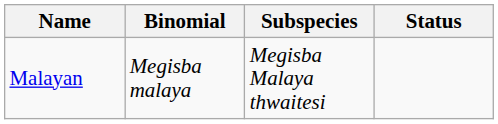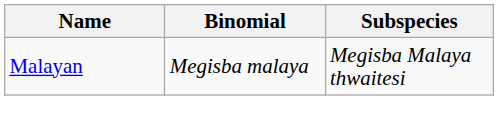 <table width=60% class="wikitable">
 <tr>
 <th width=20%>Name</th>
 <th width=20%>Binomial</th>
 <th width=20%>Subspecies</th>
-<th width=20%>Status</th>
 </tr>
 <tr>
 <td><a href='#'>Malayan</a><br> </td>
 <td><em>Megisba malaya</em></td>
 <td><em>Megisba Malaya thwaitesi</em></td>
-<td></td>
 </tr>
 </table>
